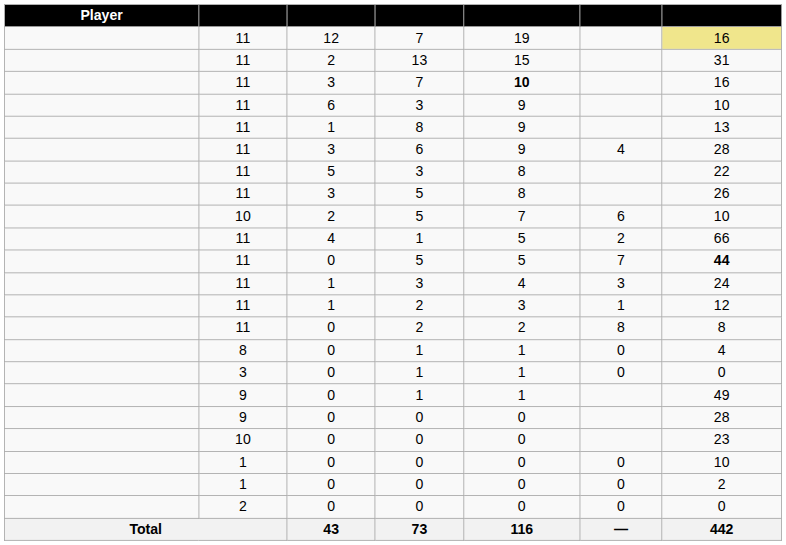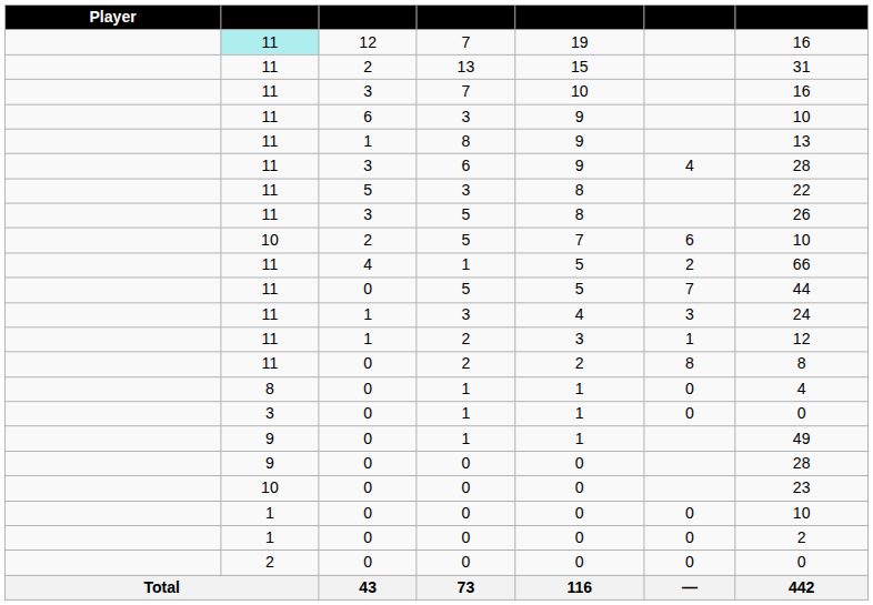 <table class="wikitable sortable" style="width:100%; text-align:center;">
 <tr>
 <th style="color:white; background:#000000; ">Player</th>
 <th style="color:white; background:#000000; "></th>
 <th style="color:white; background:#000000; "></th>
 <th style="color:white; background:#000000; "></th>
 <th style="color:white; background:#000000; "></th>
 <th style="color:white; background:#000000; "></th>
 <th style="color:white; background:#000000; "></th>
 </tr>
 <tr>
 <td></td>
-<td>11</td>
+<td style="background: paleturquoise;">11</td>
 <td>12</td>
 <td>7</td>
 <td>19</td>
 <td></td>
-<td style="background: khaki;">16</td>
+<td>16</td>
 </tr>
 <tr>
 <td></td>
 <td>11</td>
 <td>2</td>
 <td>13</td>
 <td>15</td>
 <td></td>
 <td>31</td>
 </tr>
 <tr>
 <td></td>
 <td>11</td>
 <td>3</td>
 <td>7</td>
-<td><strong>10</strong></td>
+<td>10</td>
 <td></td>
 <td>16</td>
 </tr>
 <tr>
 <td></td>
 <td>11</td>
 <td>6</td>
 <td>3</td>
 <td>9</td>
 <td></td>
 <td>10</td>
 </tr>
 <tr>
 <td></td>
 <td>11</td>
 <td>1</td>
 <td>8</td>
 <td>9</td>
 <td></td>
 <td>13</td>
 </tr>
 <tr>
 <td></td>
 <td>11</td>
 <td>3</td>
 <td>6</td>
 <td>9</td>
 <td>4</td>
 <td>28</td>
 </tr>
 <tr>
 <td></td>
 <td>11</td>
 <td>5</td>
 <td>3</td>
 <td>8</td>
 <td></td>
 <td>22</td>
 </tr>
 <tr>
 <td></td>
 <td>11</td>
 <td>3</td>
 <td>5</td>
 <td>8</td>
 <td></td>
 <td>26</td>
 </tr>
 <tr>
 <td></td>
 <td>10</td>
 <td>2</td>
 <td>5</td>
 <td>7</td>
 <td>6</td>
 <td>10</td>
 </tr>
 <tr>
 <td></td>
 <td>11</td>
 <td>4</td>
 <td>1</td>
 <td>5</td>
 <td>2</td>
 <td>66</td>
 </tr>
 <tr>
 <td></td>
 <td>11</td>
 <td>0</td>
 <td>5</td>
 <td>5</td>
 <td>7</td>
-<td><strong>44</strong></td>
+<td>44</td>
 </tr>
 <tr>
 <td></td>
 <td>11</td>
 <td>1</td>
 <td>3</td>
 <td>4</td>
 <td>3</td>
 <td>24</td>
 </tr>
 <tr>
 <td></td>
 <td>11</td>
 <td>1</td>
 <td>2</td>
 <td>3</td>
 <td>1</td>
 <td>12</td>
 </tr>
 <tr>
 <td></td>
 <td>11</td>
 <td>0</td>
 <td>2</td>
 <td>2</td>
 <td>8</td>
 <td>8</td>
 </tr>
 <tr>
 <td></td>
 <td>8</td>
 <td>0</td>
 <td>1</td>
 <td>1</td>
 <td>0</td>
 <td>4</td>
 </tr>
 <tr>
 <td></td>
 <td>3</td>
 <td>0</td>
 <td>1</td>
 <td>1</td>
 <td>0</td>
 <td>0</td>
 </tr>
 <tr>
 <td></td>
 <td>9</td>
 <td>0</td>
 <td>1</td>
 <td>1</td>
 <td></td>
 <td>49</td>
 </tr>
 <tr>
 <td></td>
 <td>9</td>
 <td>0</td>
 <td>0</td>
 <td>0</td>
 <td></td>
 <td>28</td>
 </tr>
 <tr>
 <td></td>
 <td>10</td>
 <td>0</td>
 <td>0</td>
 <td>0</td>
 <td></td>
 <td>23</td>
 </tr>
 <tr>
 <td></td>
 <td>1</td>
 <td>0</td>
 <td>0</td>
 <td>0</td>
 <td>0</td>
 <td>10</td>
 </tr>
 <tr>
 <td></td>
 <td>1</td>
 <td>0</td>
 <td>0</td>
 <td>0</td>
 <td>0</td>
 <td>2</td>
 </tr>
 <tr>
 <td></td>
 <td>2</td>
 <td>0</td>
 <td>0</td>
 <td>0</td>
 <td>0</td>
 <td>0</td>
 </tr>
 <tr class="sortbottom">
 <th colspan=2>Total</th>
 <th>43</th>
 <th>73</th>
 <th>116</th>
 <th>—</th>
 <th>442</th>
 </tr>
 </table>
